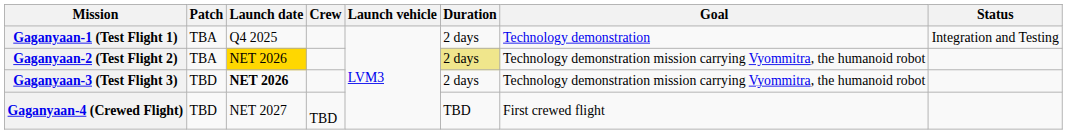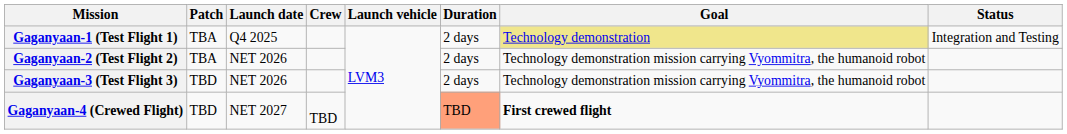 <table class="wikitable sortable">
 <tr>
 <th>Mission</th>
 <th class="unsortable">Patch</th>
 <th>Launch date</th>
 <th>Crew</th>
 <th>Launch vehicle</th>
 <th>Duration</th>
 <th>Goal</th>
 <th>Status</th>
 </tr>
 <tr>
 <th><a href='#'>Gaganyaan-1</a> (Test Flight 1)</th>
 <td>TBA</td>
 <td>Q4 2025</td>
 <td></td>
 <td rowspan="4"><a href='#'>LVM3</a></td>
 <td>2 days</td>
-<td><a href='#'>Technology demonstration</a></td>
+<td style="background: khaki;"><a href='#'>Technology demonstration</a></td>
 <td>Integration and Testing</td>
 </tr>
 <tr>
 <th><a href='#'>Gaganyaan-2</a> (Test Flight 2)</th>
 <td>TBA</td>
-<td style="background: gold;">NET 2026</td>
+<td>NET 2026</td>
 <td></td>
-<td style="background: khaki;">2 days</td>
+<td>2 days</td>
 <td>Technology demonstration mission carrying <a href='#'>Vyommitra</a>, the humanoid robot</td>
 <td></td>
 </tr>
 <tr>
 <th><a href='#'>Gaganyaan-3</a> (Test Flight 3)</th>
 <td>TBD</td>
-<td><strong>NET 2026 </strong></td>
+<td>NET 2026 </td>
 <td></td>
 <td>2 days</td>
 <td>Technology demonstration mission carrying <a href='#'>Vyommitra</a>, the humanoid robot</td>
 <td></td>
 </tr>
 <tr>
 <th><a href='#'>Gaganyaan-4</a> (Crewed Flight)</th>
 <td>TBD</td>
 <td>NET 2027 </td>
 <td><br> TBD</td>
-<td>TBD</td>
-<td>First crewed flight</td>
+<td style="background: lightsalmon;">TBD</td>
+<td><strong>First crewed flight</strong></td>
 <td></td>
 </tr>
 </table>
